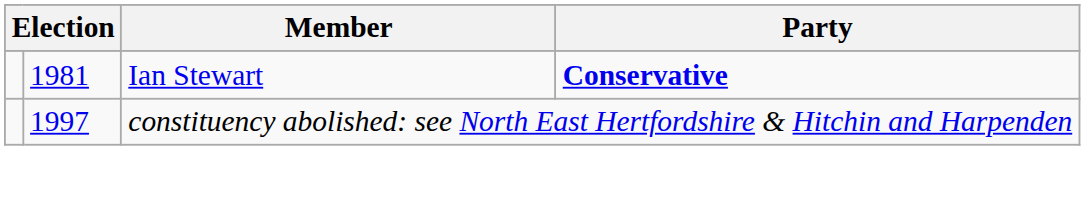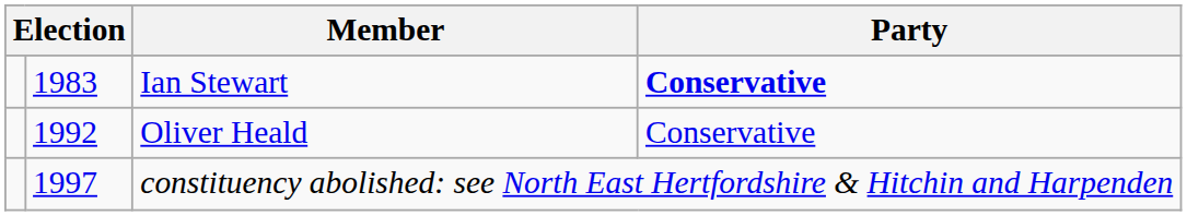 <table class="wikitable">
 <tr>
 <th colspan="2">Election</th>
 <th>Member</th>
 <th>Party</th>
 </tr>
 <tr>
 <td style="color:inherit;background-color: "></td>
-<td><a href='#'>1981</a></td>
+<td><a href='#'>1983</a></td>
 <td><a href='#'>Ian Stewart</a></td>
 <td><strong><a href='#'>Conservative</a></strong></td>
+</tr>
+<tr>
+<td style="color:inherit;background-color: "></td>
+<td><a href='#'>1992</a></td>
+<td><a href='#'>Oliver Heald</a></td>
+<td><a href='#'>Conservative</a></td>
 </tr>
 <tr>
 <td></td>
 <td><a href='#'>1997</a></td>
 <td colspan="2"><em>constituency abolished: see <a href='#'>North East Hertfordshire</a> & <a href='#'>Hitchin and Harpenden</a></em></td>
 </tr>
 </table>
